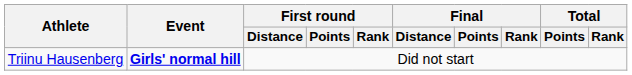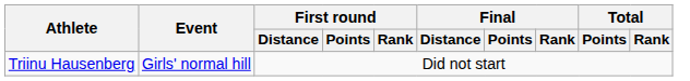 <table class="wikitable" style="font-size:90%">
 <tr>
 <th rowspan=2>Athlete</th>
 <th rowspan=2>Event</th>
 <th colspan=3>First round</th>
 <th colspan=3>Final</th>
 <th colspan=2>Total</th>
 </tr>
 <tr style="font-size:95%">
 <th>Distance</th>
 <th>Points</th>
 <th>Rank</th>
 <th>Distance</th>
 <th>Points</th>
 <th>Rank</th>
 <th>Points</th>
 <th>Rank</th>
 </tr>
 <tr align=center>
 <td align=left><a href='#'>Triinu Hausenberg</a></td>
-<td align=left><strong><a href='#'>Girls' normal hill</a></strong></td>
+<td align=left><a href='#'>Girls' normal hill</a></td>
 <td colspan=8>Did not start</td>
 </tr>
 </table>
